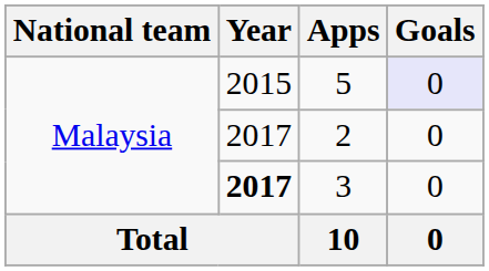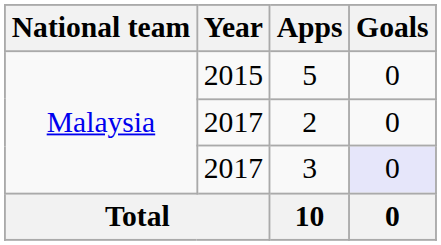 <table class=wikitable style="text-align: center;">
 <tr>
 <th>National team</th>
 <th>Year</th>
 <th>Apps</th>
 <th>Goals</th>
 </tr>
 <tr>
 <td rowspan=3><a href='#'>Malaysia</a></td>
 <td>2015</td>
 <td>5</td>
-<td style="background: lavender;">0</td>
+<td>0</td>
 </tr>
 <tr>
 <td>2017</td>
 <td>2</td>
 <td>0</td>
 </tr>
 <tr>
-<td><strong>2017</strong></td>
+<td>2017</td>
 <td>3</td>
-<td>0</td>
+<td style="background: lavender;">0</td>
 </tr>
 <tr>
 <th colspan=2>Total</th>
 <th>10</th>
 <th>0</th>
 </tr>
 </table>
